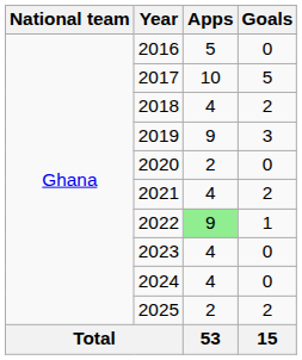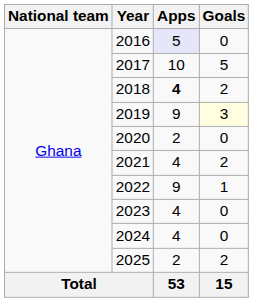 <table class="wikitable" style="text-align: center;">
 <tr>
 <th>National team</th>
 <th>Year</th>
 <th>Apps</th>
 <th>Goals</th>
 </tr>
 <tr>
 <td rowspan="10"><a href='#'>Ghana</a></td>
 <td>2016</td>
-<td>5</td>
+<td style="background: lavender;">5</td>
 <td>0</td>
 </tr>
 <tr>
 <td>2017</td>
 <td>10</td>
 <td>5</td>
 </tr>
 <tr>
 <td>2018</td>
-<td>4</td>
+<td><strong>4</strong></td>
 <td>2</td>
 </tr>
 <tr>
 <td>2019</td>
 <td>9</td>
-<td>3</td>
+<td style="background: lightyellow;">3</td>
 </tr>
 <tr>
 <td>2020</td>
 <td>2</td>
 <td>0</td>
 </tr>
 <tr>
 <td>2021</td>
 <td>4</td>
 <td>2</td>
 </tr>
 <tr>
 <td>2022</td>
-<td style="background: lightgreen;">9</td>
+<td>9</td>
 <td>1</td>
 </tr>
 <tr>
 <td>2023</td>
 <td>4</td>
 <td>0</td>
 </tr>
 <tr>
 <td>2024</td>
 <td>4</td>
 <td>0</td>
 </tr>
 <tr>
 <td>2025</td>
 <td>2</td>
 <td>2</td>
 </tr>
 <tr>
 <th colspan="2">Total</th>
 <th>53</th>
 <th>15</th>
 </tr>
 </table>
